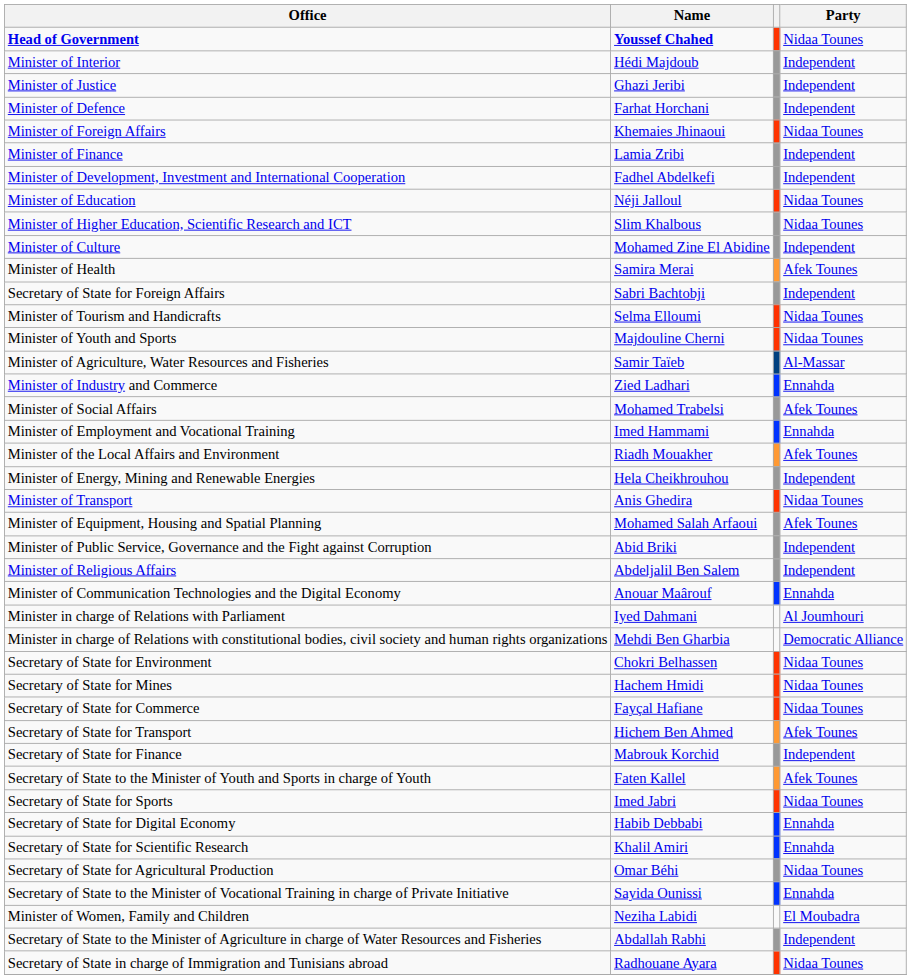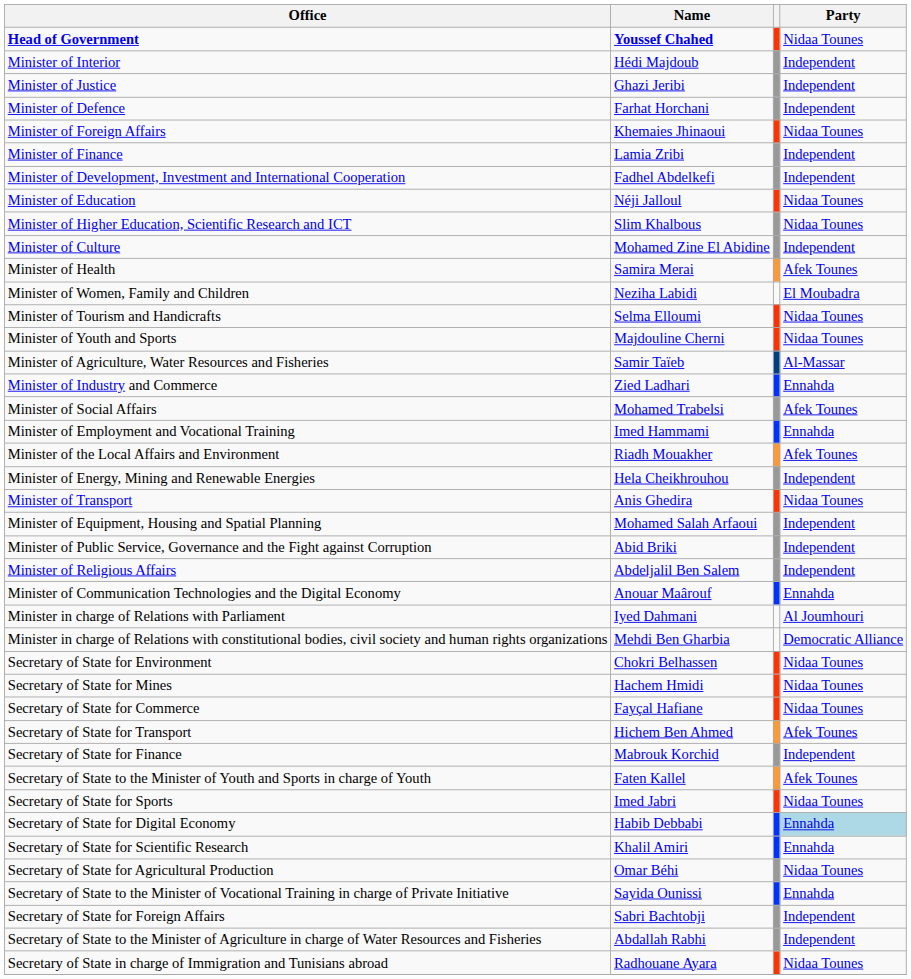 <table class="wikitable">
 <tr>
 <th>Office</th>
 <th>Name</th>
 <th></th>
 <th>Party</th>
 </tr>
 <tr>
 <td><strong><a href='#'>Head of Government</a></strong></td>
 <td><strong><a href='#'>Youssef Chahed</a></strong></td>
 <td bgcolor="#FF3300"></td>
 <td><a href='#'>Nidaa Tounes</a></td>
 </tr>
 <tr>
 <td><a href='#'>Minister of Interior</a></td>
 <td><a href='#'>Hédi Majdoub</a></td>
 <td bgcolor="#999999"></td>
 <td><a href='#'>Independent</a></td>
 </tr>
 <tr>
 <td><a href='#'>Minister of Justice</a></td>
 <td><a href='#'>Ghazi Jeribi</a></td>
 <td bgcolor="#999999"></td>
 <td><a href='#'>Independent</a></td>
 </tr>
 <tr>
 <td><a href='#'>Minister of Defence</a></td>
 <td><a href='#'>Farhat Horchani</a></td>
 <td bgcolor="#999999"></td>
 <td><a href='#'>Independent</a></td>
 </tr>
 <tr>
 <td><a href='#'>Minister of Foreign Affairs</a></td>
 <td><a href='#'>Khemaies Jhinaoui</a></td>
 <td bgcolor="#FF3300"></td>
 <td><a href='#'>Nidaa Tounes</a></td>
 </tr>
 <tr>
 <td><a href='#'>Minister of Finance</a></td>
 <td><a href='#'>Lamia Zribi</a></td>
 <td bgcolor="#999999"></td>
 <td><a href='#'>Independent</a></td>
 </tr>
 <tr>
 <td><a href='#'>Minister of Development, Investment and International Cooperation</a></td>
 <td><a href='#'>Fadhel Abdelkefi</a></td>
 <td bgcolor="#999999"></td>
 <td><a href='#'>Independent</a></td>
 </tr>
 <tr>
 <td><a href='#'>Minister of Education</a></td>
 <td><a href='#'>Néji Jalloul</a></td>
 <td bgcolor="#FF3300"></td>
 <td><a href='#'>Nidaa Tounes</a></td>
 </tr>
 <tr>
 <td><a href='#'>Minister of Higher Education, Scientific Research and ICT</a></td>
 <td><a href='#'>Slim Khalbous</a></td>
 <td bgcolor="#999999"></td>
 <td><a href='#'>Nidaa Tounes</a></td>
 </tr>
 <tr>
 <td><a href='#'>Minister of Culture</a></td>
 <td><a href='#'>Mohamed Zine El Abidine</a></td>
 <td bgcolor="#999999"></td>
 <td><a href='#'>Independent</a></td>
 </tr>
 <tr>
 <td>Minister of Health</td>
 <td><a href='#'>Samira Merai</a></td>
 <td bgcolor="#FF9933"></td>
 <td><a href='#'>Afek Tounes</a></td>
 </tr>
 <tr>
-<td>Secretary of State for Foreign Affairs</td>
-<td><a href='#'>Sabri Bachtobji</a></td>
-<td bgcolor="#999999"></td>
-<td><a href='#'>Independent</a></td>
+<td>Minister of Women, Family and Children</td>
+<td><a href='#'>Neziha Labidi</a></td>
+<td></td>
+<td><a href='#'>El Moubadra</a></td>
 </tr>
 <tr>
 <td>Minister of Tourism and Handicrafts</td>
 <td><a href='#'>Selma Elloumi</a></td>
 <td bgcolor="#FF3300”"></td>
 <td><a href='#'>Nidaa Tounes</a></td>
 </tr>
 <tr>
 <td>Minister of Youth and Sports</td>
 <td><a href='#'>Majdouline Cherni</a></td>
 <td bgcolor="#FF3300"></td>
 <td><a href='#'>Nidaa Tounes</a></td>
 </tr>
 <tr>
 <td>Minister of Agriculture, Water Resources and Fisheries</td>
 <td><a href='#'>Samir Taïeb</a></td>
 <td bgcolor="#004080"></td>
 <td><a href='#'>Al-Massar</a></td>
 </tr>
 <tr>
 <td><a href='#'>Minister of Industry</a> and Commerce</td>
 <td><a href='#'>Zied Ladhari</a></td>
 <td bgcolor="#0033FF"></td>
 <td><a href='#'>Ennahda</a></td>
 </tr>
 <tr>
 <td>Minister of Social Affairs</td>
 <td><a href='#'>Mohamed Trabelsi</a></td>
 <td bgcolor="#999999"></td>
 <td><a href='#'>Afek Tounes</a></td>
 </tr>
 <tr>
 <td>Minister of Employment and Vocational Training</td>
 <td><a href='#'>Imed Hammami</a></td>
 <td bgcolor="#0033FF"></td>
 <td><a href='#'>Ennahda</a></td>
 </tr>
 <tr>
 <td>Minister of the Local Affairs and Environment</td>
 <td><a href='#'>Riadh Mouakher</a></td>
 <td bgcolor="#FF9933"></td>
 <td><a href='#'>Afek Tounes</a></td>
 </tr>
 <tr>
 <td>Minister of Energy, Mining and Renewable Energies</td>
 <td><a href='#'>Hela Cheikhrouhou</a></td>
 <td bgcolor="#999999"></td>
 <td><a href='#'>Independent</a></td>
 </tr>
 <tr>
 <td><a href='#'>Minister of Transport</a></td>
 <td><a href='#'>Anis Ghedira</a></td>
 <td bgcolor="#FF3300"></td>
 <td><a href='#'>Nidaa Tounes</a></td>
 </tr>
 <tr>
 <td>Minister of Equipment, Housing and Spatial Planning</td>
 <td><a href='#'>Mohamed Salah Arfaoui</a></td>
 <td bgcolor="#999999"></td>
-<td><a href='#'>Afek Tounes</a></td>
+<td><a href='#'>Independent</a></td>
 </tr>
 <tr>
 <td>Minister of Public Service, Governance and the Fight against Corruption</td>
 <td><a href='#'>Abid Briki</a></td>
 <td bgcolor="#999999"></td>
 <td><a href='#'>Independent</a></td>
 </tr>
 <tr>
 <td><a href='#'>Minister of Religious Affairs</a></td>
 <td><a href='#'>Abdeljalil Ben Salem</a></td>
 <td bgcolor="#999999"></td>
 <td><a href='#'>Independent</a></td>
 </tr>
 <tr>
 <td>Minister of Communication Technologies and the Digital Economy</td>
 <td><a href='#'>Anouar Maârouf</a></td>
 <td bgcolor="#0033FF"></td>
 <td><a href='#'>Ennahda</a></td>
 </tr>
 <tr>
 <td>Minister in charge of Relations with Parliament</td>
 <td><a href='#'>Iyed Dahmani</a></td>
 <td></td>
 <td><a href='#'>Al Joumhouri</a></td>
 </tr>
 <tr>
 <td>Minister in charge of Relations with constitutional bodies, civil society and human rights organizations</td>
 <td><a href='#'>Mehdi Ben Gharbia</a></td>
 <td></td>
 <td><a href='#'>Democratic Alliance</a></td>
 </tr>
 <tr>
 <td>Secretary of State for Environment</td>
 <td><a href='#'>Chokri Belhassen</a></td>
 <td bgcolor="#FF3300"></td>
 <td><a href='#'>Nidaa Tounes</a></td>
 </tr>
 <tr>
 <td>Secretary of State for Mines</td>
 <td><a href='#'>Hachem Hmidi</a></td>
 <td bgcolor="#FF3300"></td>
 <td><a href='#'>Nidaa Tounes</a></td>
 </tr>
 <tr>
 <td>Secretary of State for Commerce</td>
 <td><a href='#'>Fayçal Hafiane</a></td>
 <td bgcolor="#FF3300"></td>
 <td><a href='#'>Nidaa Tounes</a></td>
 </tr>
 <tr>
 <td>Secretary of State for Transport</td>
 <td><a href='#'>Hichem Ben Ahmed</a></td>
 <td bgcolor="#FF9933"></td>
 <td><a href='#'>Afek Tounes</a></td>
 </tr>
 <tr>
 <td>Secretary of State for Finance</td>
 <td><a href='#'>Mabrouk Korchid</a></td>
 <td bgcolor="#999999"></td>
 <td><a href='#'>Independent</a></td>
 </tr>
 <tr>
 <td>Secretary of State to the Minister of Youth and Sports in charge of Youth</td>
 <td><a href='#'>Faten Kallel</a></td>
 <td bgcolor="#FF9933"></td>
 <td><a href='#'>Afek Tounes</a></td>
 </tr>
 <tr>
 <td>Secretary of State for Sports</td>
 <td><a href='#'>Imed Jabri</a></td>
 <td bgcolor="#FF3300"></td>
 <td><a href='#'>Nidaa Tounes</a></td>
 </tr>
 <tr>
 <td>Secretary of State for Digital Economy</td>
 <td><a href='#'>Habib Debbabi</a></td>
 <td bgcolor="#0033FF"></td>
-<td><a href='#'>Ennahda</a></td>
+<td style="background: lightblue;"><a href='#'>Ennahda</a></td>
 </tr>
 <tr>
 <td>Secretary of State for Scientific Research</td>
 <td><a href='#'>Khalil Amiri</a></td>
 <td bgcolor="#0033FF"></td>
 <td><a href='#'>Ennahda</a></td>
 </tr>
 <tr>
 <td>Secretary of State for Agricultural Production</td>
 <td><a href='#'>Omar Béhi</a></td>
 <td bgcolor="#999999"></td>
 <td><a href='#'>Nidaa Tounes</a></td>
 </tr>
 <tr>
 <td>Secretary of State to the Minister of Vocational Training in charge of Private Initiative</td>
 <td><a href='#'>Sayida Ounissi</a></td>
 <td bgcolor="#0033FF"></td>
 <td><a href='#'>Ennahda</a></td>
 </tr>
 <tr>
-<td>Minister of Women, Family and Children</td>
-<td><a href='#'>Neziha Labidi</a></td>
-<td></td>
-<td><a href='#'>El Moubadra</a></td>
+<td>Secretary of State for Foreign Affairs</td>
+<td><a href='#'>Sabri Bachtobji</a></td>
+<td bgcolor="#999999"></td>
+<td><a href='#'>Independent</a></td>
 </tr>
 <tr>
 <td>Secretary of State to the Minister of Agriculture in charge of Water Resources and Fisheries</td>
 <td><a href='#'>Abdallah Rabhi</a></td>
 <td bgcolor="#999999"></td>
 <td><a href='#'>Independent</a></td>
 </tr>
 <tr>
 <td>Secretary of State in charge of Immigration and Tunisians abroad</td>
 <td><a href='#'>Radhouane Ayara</a></td>
 <td bgcolor="#FF3300"></td>
 <td><a href='#'>Nidaa Tounes</a></td>
 </tr>
 <tr>
 </tr>
 </table>
